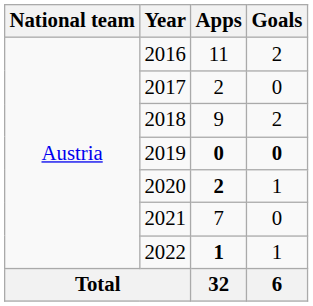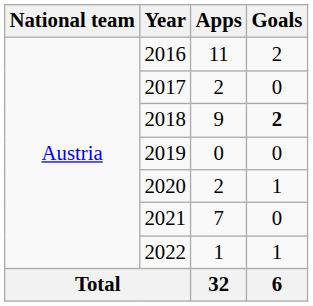 <table class=wikitable style=text-align:center>
 <tr>
 <th>National team</th>
 <th>Year</th>
 <th>Apps</th>
 <th>Goals</th>
 </tr>
 <tr>
 <td rowspan="7"><a href='#'>Austria</a></td>
 <td>2016</td>
 <td>11</td>
 <td>2</td>
 </tr>
 <tr>
 <td>2017</td>
 <td>2</td>
 <td>0</td>
 </tr>
 <tr>
 <td>2018</td>
 <td>9</td>
-<td>2</td>
+<td><strong>2</strong></td>
 </tr>
 <tr>
 <td>2019</td>
-<td><strong>0</strong></td>
-<td><strong>0</strong></td>
+<td>0</td>
+<td>0</td>
 </tr>
 <tr>
 <td>2020</td>
-<td><strong>2</strong></td>
+<td>2</td>
 <td>1</td>
 </tr>
 <tr>
 <td>2021</td>
 <td>7</td>
 <td>0</td>
 </tr>
 <tr>
 <td>2022</td>
-<td><strong>1</strong></td>
+<td>1</td>
 <td>1</td>
 </tr>
 <tr>
 <th colspan="2">Total</th>
 <th>32</th>
 <th>6</th>
 </tr>
 </table>
